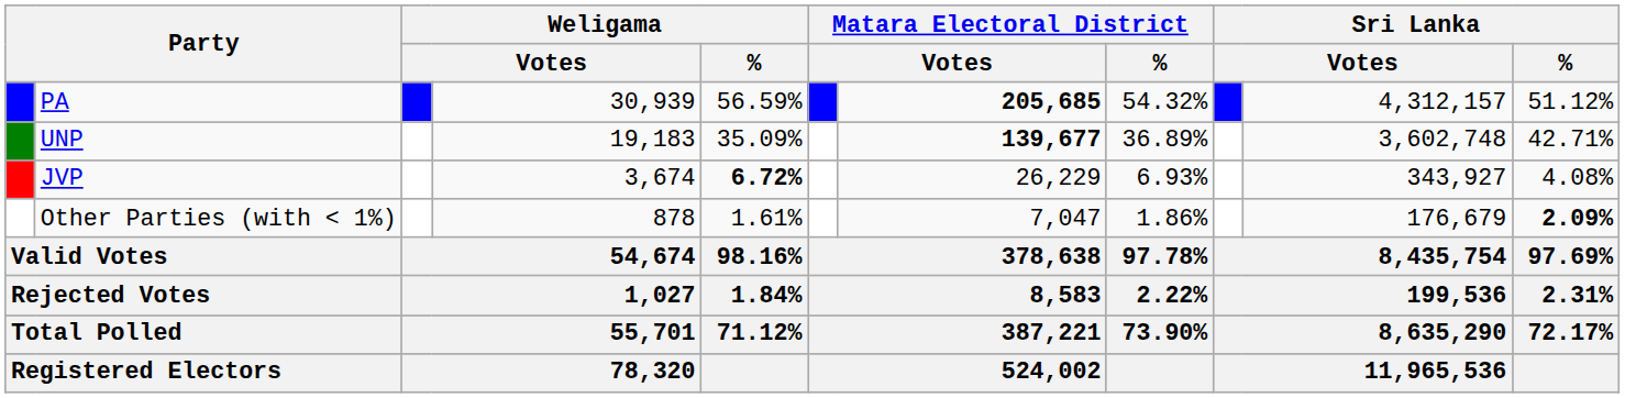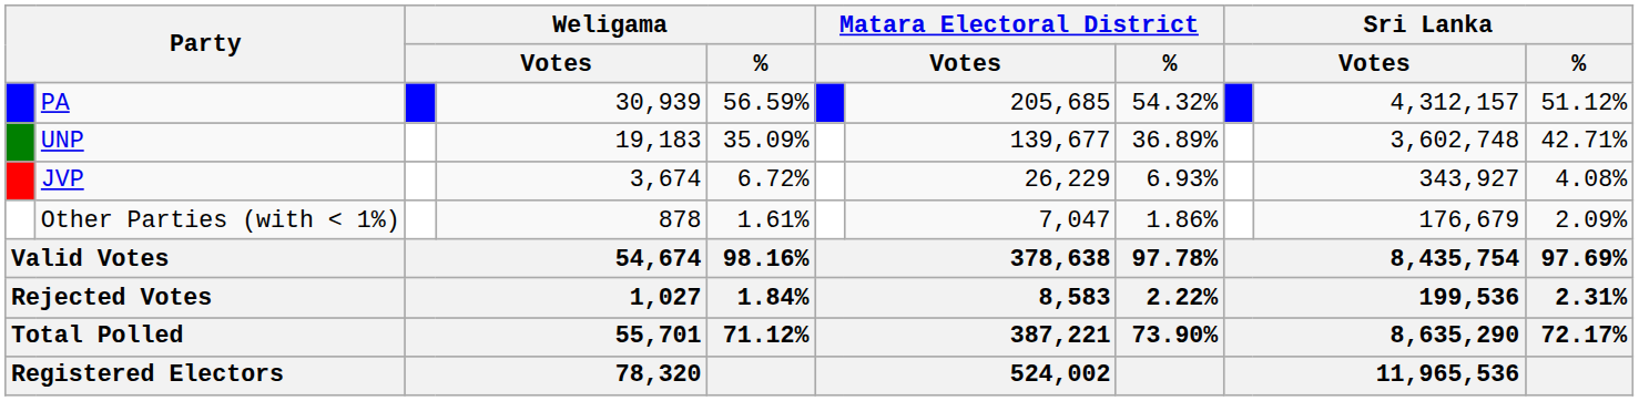 <table class="wikitable">
 <tr>
 <th colspan="2" width="144px"rowspan="2">Party</th>
 <th colspan="3" width="216px">Weligama</th>
 <th colspan="3" width="216px"><a href='#'>Matara Electoral District</a></th>
 <th colspan="3" width="216px">Sri Lanka</th>
 </tr>
 <tr>
 <th colspan="2" width="144px">Votes</th>
 <th>%</th>
 <th colspan="2" width="144px">Votes</th>
 <th>%</th>
 <th colspan="2" width="144px">Votes</th>
 <th>%</th>
 </tr>
 <tr>
 <td style="background-color:blue;" width="10px"></td>
 <td style="text-align:left;"><a href='#'>PA</a></td>
 <td style="background-color:blue;" width="10px"></td>
 <td style="text-align:right;">30,939</td>
 <td style="text-align:right;">56.59%</td>
 <td style="background-color:blue;" width="10px"></td>
-<td style="text-align:right;"><strong>205,685</strong></td>
+<td style="text-align:right;">205,685</td>
 <td style="text-align:right;">54.32%</td>
 <td style="background-color:blue;" width="10px"></td>
 <td style="text-align:right;">4,312,157</td>
 <td style="text-align:right;">51.12%</td>
 </tr>
 <tr>
 <td style="background-color:green;" width="10px"></td>
 <td style="text-align:left;"><a href='#'>UNP</a></td>
 <td style="background-color:white;" width="10px"></td>
 <td style="text-align:right;">19,183</td>
 <td style="text-align:right;">35.09%</td>
 <td style="background-color:white;" width="10px"></td>
-<td style="text-align:right;"><strong>139,677</strong></td>
+<td style="text-align:right;">139,677</td>
 <td style="text-align:right;">36.89%</td>
 <td style="background-color:white;" width="10px"></td>
 <td style="text-align:right;">3,602,748</td>
 <td style="text-align:right;">42.71%</td>
 </tr>
 <tr>
 <td style="background-color:red;" width="10px"></td>
 <td style="text-align:left;"><a href='#'>JVP</a></td>
 <td style="background-color:white;" width="10px"></td>
 <td style="text-align:right;">3,674</td>
-<td style="text-align:right;"><strong>6.72%</strong></td>
+<td style="text-align:right;">6.72%</td>
 <td style="background-color:white;" width="10px"></td>
 <td style="text-align:right;">26,229</td>
 <td style="text-align:right;">6.93%</td>
 <td style="background-color:white;" width="10px"></td>
 <td style="text-align:right;">343,927</td>
 <td style="text-align:right;">4.08%</td>
 </tr>
 <tr>
 <td style="background-color:white;" width="10px"></td>
 <td style="text-align:left;">Other Parties (with < 1%)</td>
 <td style="background-color:white;" width="10px"></td>
 <td style="text-align:right;">878</td>
 <td style="text-align:right;">1.61%</td>
 <td style="background-color:white;" width="10px"></td>
 <td style="text-align:right;">7,047</td>
 <td style="text-align:right;">1.86%</td>
 <td style="background-color:white;" width="10px"></td>
 <td style="text-align:right;">176,679</td>
-<td style="text-align:right;"><strong>2.09%</strong></td>
+<td style="text-align:right;">2.09%</td>
 </tr>
 <tr>
 <th colspan="2" width="144px"style="text-align:left;">Valid Votes</th>
 <th style="text-align:right;"colspan="2" width="144px">54,674</th>
 <th style="text-align:right;">98.16%</th>
 <th style="text-align:right;"colspan="2" width="144px">378,638</th>
 <th style="text-align:right;">97.78%</th>
 <th style="text-align:right;"colspan="2" width="144px">8,435,754</th>
 <th style="text-align:right;">97.69%</th>
 </tr>
 <tr>
 <th colspan="2" width="144px"style="text-align:left;">Rejected Votes</th>
 <th style="text-align:right;"colspan="2" width="144px">1,027</th>
 <th style="text-align:right;">1.84%</th>
 <th style="text-align:right;"colspan="2" width="144px">8,583</th>
 <th style="text-align:right;">2.22%</th>
 <th style="text-align:right;"colspan="2" width="144px">199,536</th>
 <th style="text-align:right;">2.31%</th>
 </tr>
 <tr>
 <th colspan="2" width="144px"style="text-align:left;">Total Polled</th>
 <th style="text-align:right;"colspan="2" width="144px">55,701</th>
 <th style="text-align:right;">71.12%</th>
 <th style="text-align:right;"colspan="2" width="144px">387,221</th>
 <th style="text-align:right;">73.90%</th>
 <th style="text-align:right;"colspan="2" width="144px">8,635,290</th>
 <th style="text-align:right;">72.17%</th>
 </tr>
 <tr>
 <th colspan="2" width="144px"style="text-align:left;">Registered Electors</th>
 <th style="text-align:right;"colspan="2" width="144px">78,320</th>
 <th></th>
 <th style="text-align:right;"colspan="2" width="144px">524,002</th>
 <th></th>
 <th style="text-align:right;"colspan="2" width="144px">11,965,536</th>
 <th></th>
 </tr>
 </table>
